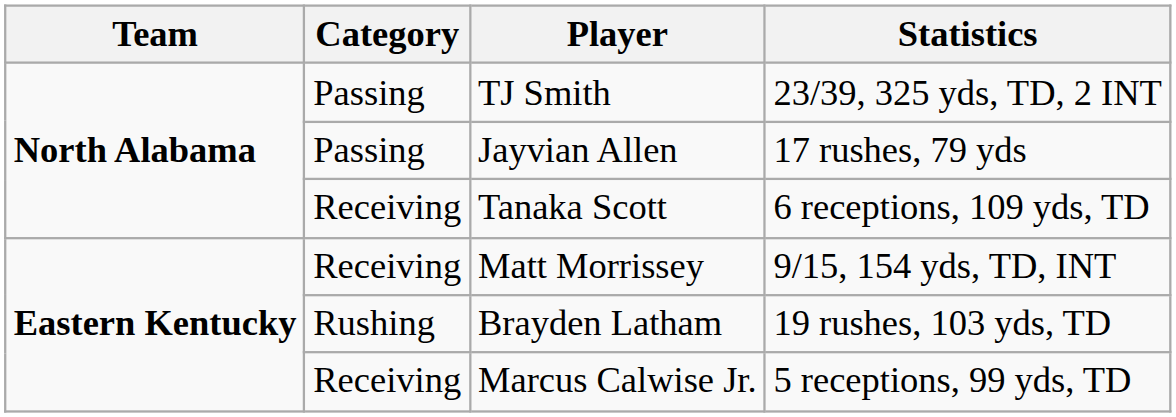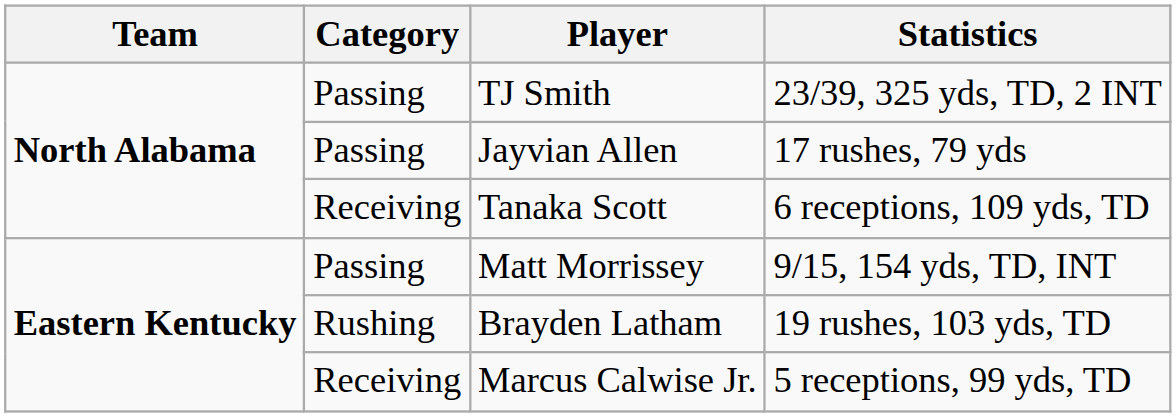 <table class="wikitable" style="float: right;">
 <tr>
 <th>Team</th>
 <th>Category</th>
 <th>Player</th>
 <th>Statistics</th>
 </tr>
 <tr>
 <td rowspan=3><strong>North Alabama</strong></td>
 <td>Passing</td>
 <td>TJ Smith</td>
 <td>23/39, 325 yds, TD, 2 INT</td>
 </tr>
 <tr>
 <td>Passing</td>
 <td>Jayvian Allen</td>
 <td>17 rushes, 79 yds</td>
 </tr>
 <tr>
 <td>Receiving</td>
 <td>Tanaka Scott</td>
 <td>6 receptions, 109 yds, TD</td>
 </tr>
 <tr>
 <td rowspan=3><strong>Eastern Kentucky</strong></td>
-<td>Receiving</td>
+<td>Passing</td>
 <td>Matt Morrissey</td>
 <td>9/15, 154 yds, TD, INT</td>
 </tr>
 <tr>
 <td>Rushing</td>
 <td>Brayden Latham</td>
 <td>19 rushes, 103 yds, TD</td>
 </tr>
 <tr>
 <td>Receiving</td>
 <td>Marcus Calwise Jr.</td>
 <td>5 receptions, 99 yds, TD</td>
 </tr>
 </table>
